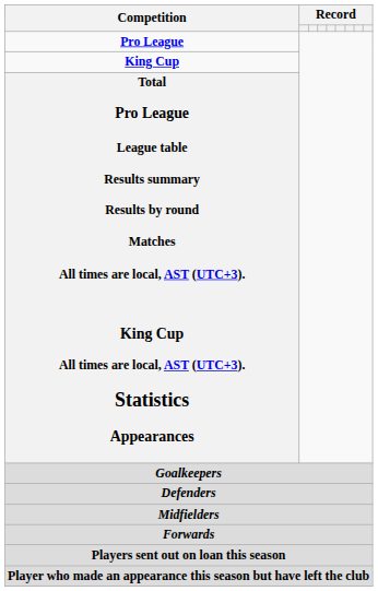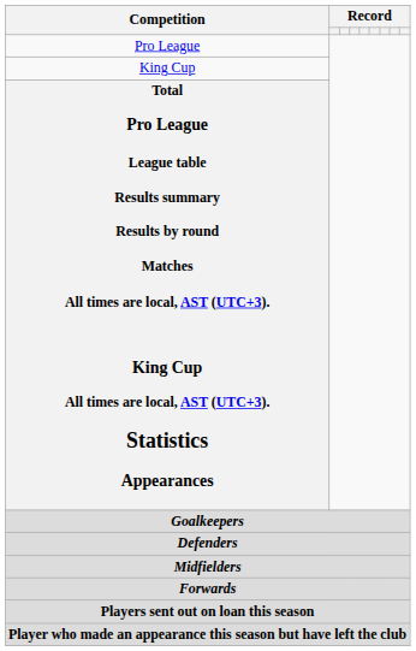 <table class="wikitable" style="text-align: center">
 <tr>
 <th rowspan=2>Competition</th>
 <th colspan=8>Record</th>
 </tr>
 <tr>
 <th></th>
 <th></th>
 <th></th>
 <th></th>
 <th></th>
 <th></th>
 <th></th>
 <th></th>
 </tr>
 <tr>
-<td><strong><a href='#'>Pro League</a><br></strong></td>
+<td><a href='#'>Pro League</a><br></td>
 </tr>
 <tr>
-<td><strong><a href='#'>King Cup</a><br></strong></td>
+<td><a href='#'>King Cup</a><br></td>
 </tr>
 <tr>
 <th>Total<br> <h3>Pro League</h3><h4>League table</h4><h4>Results summary</h4> <h4>Results by round</h4><h4>Matches</h4>All times are local, <a href='#'>AST</a> (<a href='#'>UTC+3</a>).<br>   <br>                             <br><h3>King Cup</h3> All times are local, <a href='#'>AST</a> (<a href='#'>UTC+3</a>).<br>   <h2>Statistics</h2><h3>Appearances</h3></th>
 </tr>
 <tr>
 <th colspan=10 style=background:#dcdcdc; text-align:center><em>Goalkeepers</em><br>  </th>
 </tr>
 <tr>
 <th colspan=10 style=background:#dcdcdc; text-align:center><em>Defenders</em><br>        </th>
 </tr>
 <tr>
 <th colspan=10 style=background:#dcdcdc; text-align:center><em>Midfielders</em><br>             </th>
 </tr>
 <tr>
 <th colspan=10 style=background:#dcdcdc; text-align:center><em>Forwards</em><br> </th>
 </tr>
 <tr>
 <th colspan=18 style=background:#dcdcdc; text-align:center>Players sent out on loan this season<br>   </th>
 </tr>
 <tr>
 <th colspan=18 style=background:#dcdcdc; text-align:center>Player who made an appearance this season but have left the club<br>    </th>
 </tr>
 </table>
